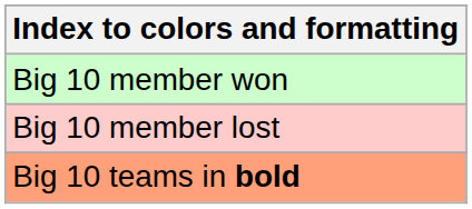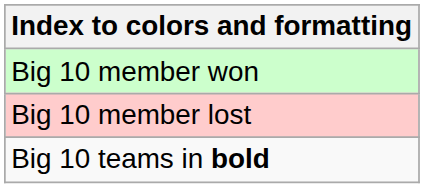 <table class="wikitable">
 <tr>
 <th>Index to colors and formatting</th>
 </tr>
 <tr bgcolor=#ccffcc>
 <td>Big 10 member won</td>
 </tr>
 <tr bgcolor=#ffcccc>
 <td>Big 10 member lost</td>
 </tr>
 <tr>
-<td style="background: lightsalmon;">Big 10 teams in <strong>bold</strong></td>
+<td>Big 10 teams in <strong>bold</strong></td>
 </tr>
 </table>
